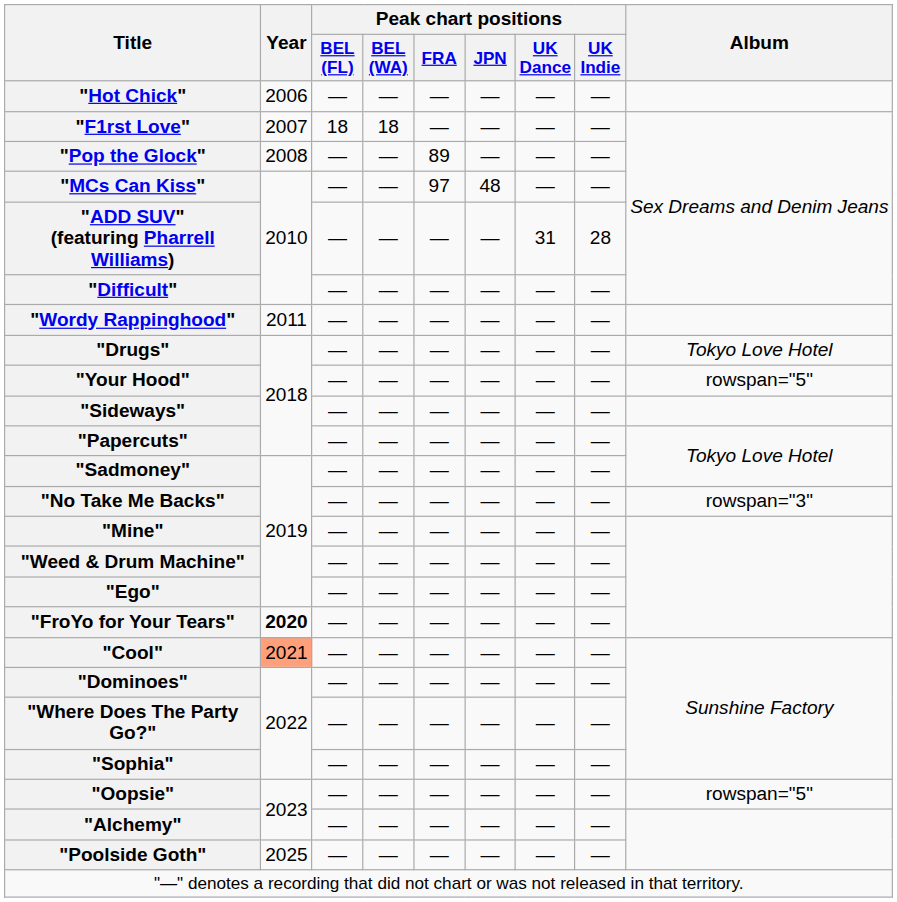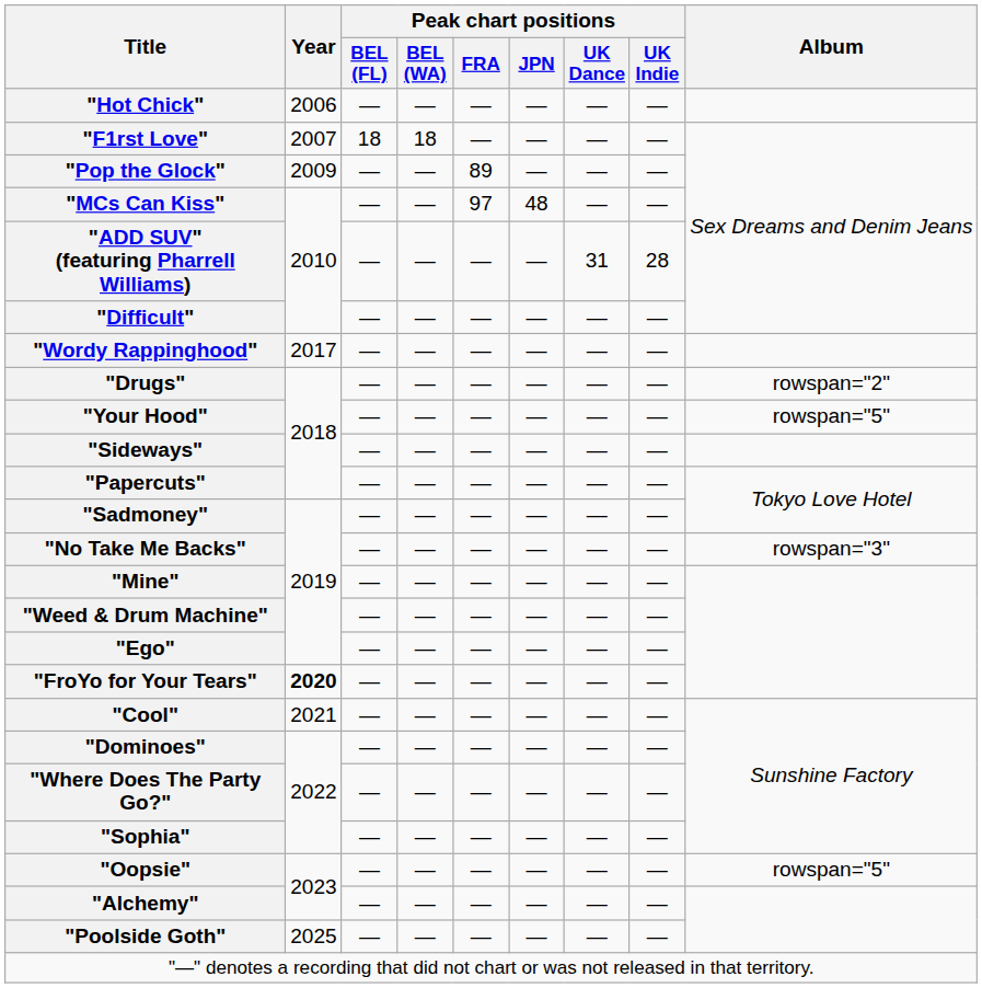 <table class="wikitable plainrowheaders" style="text-align:center;">
 <tr>
 <th scope="col" rowspan="2" style="width:13em;">Title</th>
 <th scope="col" rowspan="2">Year</th>
 <th scope="col" colspan="6">Peak chart positions</th>
 <th scope="col" rowspan="2">Album</th>
 </tr>
 <tr>
 <th scope="col" style="width:2.5em;font-size:90%;"><a href='#'>BEL<br>(FL)</a><br></th>
 <th scope="col" style="width:2.5em;font-size:90%;"><a href='#'>BEL<br>(WA)</a><br></th>
 <th scope="col" style="width:2.5em;font-size:90%;"><a href='#'>FRA</a><br></th>
 <th scope="col" style="width:2.5em;font-size:90%;"><a href='#'>JPN</a><br></th>
 <th scope="col" style="width:2.5em;font-size:90%;"><a href='#'>UK<br>Dance</a><br></th>
 <th scope="col" style="width:2.5em;font-size:90%;"><a href='#'>UK<br>Indie</a><br></th>
 </tr>
 <tr>
 <th scope="row">"<a href='#'>Hot Chick</a>"</th>
 <td>2006</td>
 <td>—</td>
 <td>—</td>
 <td>—</td>
 <td>—</td>
 <td>—</td>
 <td>—</td>
 <td></td>
 </tr>
 <tr>
 <th scope="row">"<a href='#'>F1rst Love</a>"</th>
 <td>2007</td>
 <td>18</td>
 <td>18</td>
 <td>—</td>
 <td>—</td>
 <td>—</td>
 <td>—</td>
 <td rowspan="5"><em>Sex Dreams and Denim Jeans</em></td>
 </tr>
 <tr>
 <th scope="row">"<a href='#'>Pop the Glock</a>"</th>
-<td>2008</td>
+<td>2009</td>
 <td>—</td>
 <td>—</td>
 <td>89</td>
 <td>—</td>
 <td>—</td>
 <td>—</td>
 </tr>
 <tr>
 <th scope="row">"<a href='#'>MCs Can Kiss</a>"</th>
 <td rowspan="3">2010</td>
 <td>—</td>
 <td>—</td>
 <td>97</td>
 <td>48</td>
 <td>—</td>
 <td>—</td>
 </tr>
 <tr>
 <th scope="row">"<a href='#'>ADD SUV</a>"<br><span>(featuring <a href='#'>Pharrell Williams</a>)</span></th>
 <td>—</td>
 <td>—</td>
 <td>—</td>
 <td>—</td>
 <td>31</td>
 <td>28</td>
 </tr>
 <tr>
 <th scope="row">"<a href='#'>Difficult</a>"</th>
 <td>—</td>
 <td>—</td>
 <td>—</td>
 <td>—</td>
 <td>—</td>
 <td>—</td>
 </tr>
 <tr>
 <th scope="row">"<a href='#'>Wordy Rappinghood</a>"</th>
-<td>2011</td>
+<td>2017</td>
 <td>—</td>
 <td>—</td>
 <td>—</td>
 <td>—</td>
 <td>—</td>
 <td>—</td>
 <td></td>
 </tr>
 <tr>
 <th scope="row">"Drugs"</th>
 <td rowspan="4">2018</td>
 <td>—</td>
 <td>—</td>
 <td>—</td>
 <td>—</td>
 <td>—</td>
 <td>—</td>
-<td><em>Tokyo Love Hotel</em></td>
+<td>rowspan="2" </td>
 </tr>
 <tr>
 <th scope="row">"Your Hood"</th>
 <td>—</td>
 <td>—</td>
 <td>—</td>
 <td>—</td>
 <td>—</td>
 <td>—</td>
 <td>rowspan="5" </td>
 </tr>
 <tr>
 <th scope="row">"Sideways"</th>
 <td>—</td>
 <td>—</td>
 <td>—</td>
 <td>—</td>
 <td>—</td>
 <td>—</td>
 </tr>
 <tr>
 <th scope="row">"Papercuts"</th>
 <td>—</td>
 <td>—</td>
 <td>—</td>
 <td>—</td>
 <td>—</td>
 <td>—</td>
 <td rowspan="2"><em>Tokyo Love Hotel</em></td>
 </tr>
 <tr>
 <th scope="row">"Sadmoney"</th>
 <td rowspan="5">2019</td>
 <td>—</td>
 <td>—</td>
 <td>—</td>
 <td>—</td>
 <td>—</td>
 <td>—</td>
 </tr>
 <tr>
 <th scope="row">"No Take Me Backs"</th>
 <td>—</td>
 <td>—</td>
 <td>—</td>
 <td>—</td>
 <td>—</td>
 <td>—</td>
 <td>rowspan="3" </td>
 </tr>
 <tr>
 <th scope="row">"Mine"</th>
 <td>—</td>
 <td>—</td>
 <td>—</td>
 <td>—</td>
 <td>—</td>
 <td>—</td>
 </tr>
 <tr>
 <th scope="row">"Weed & Drum Machine"</th>
 <td>—</td>
 <td>—</td>
 <td>—</td>
 <td>—</td>
 <td>—</td>
 <td>—</td>
 </tr>
 <tr>
 <th scope="row">"Ego"</th>
 <td>—</td>
 <td>—</td>
 <td>—</td>
 <td>—</td>
 <td>—</td>
 <td>—</td>
 </tr>
 <tr>
 <th scope="row">"FroYo for Your Tears"</th>
 <td><strong>2020</strong></td>
 <td>—</td>
 <td>—</td>
 <td>—</td>
 <td>—</td>
 <td>—</td>
 <td>—</td>
 </tr>
 <tr>
 <th scope="row">"Cool"</th>
-<td style="background: lightsalmon;">2021</td>
+<td>2021</td>
 <td>—</td>
 <td>—</td>
 <td>—</td>
 <td>—</td>
 <td>—</td>
 <td>—</td>
 <td rowspan="4"><em>Sunshine Factory</em></td>
 </tr>
 <tr>
 <th scope="row">"Dominoes"</th>
 <td rowspan="3">2022</td>
 <td>—</td>
 <td>—</td>
 <td>—</td>
 <td>—</td>
 <td>—</td>
 <td>—</td>
 </tr>
 <tr>
 <th scope="row">"Where Does The Party Go?"</th>
 <td>—</td>
 <td>—</td>
 <td>—</td>
 <td>—</td>
 <td>—</td>
 <td>—</td>
 </tr>
 <tr>
 <th scope="row">"Sophia"</th>
 <td>—</td>
 <td>—</td>
 <td>—</td>
 <td>—</td>
 <td>—</td>
 <td>—</td>
 </tr>
 <tr>
 <th scope="row">"Oopsie"</th>
 <td rowspan="2">2023</td>
 <td>—</td>
 <td>—</td>
 <td>—</td>
 <td>—</td>
 <td>—</td>
 <td>—</td>
 <td>rowspan="5" </td>
 </tr>
 <tr>
 <th scope="row">"Alchemy"</th>
 <td>—</td>
 <td>—</td>
 <td>—</td>
 <td>—</td>
 <td>—</td>
 <td>—</td>
 </tr>
 <tr>
 <th scope="row">"Poolside Goth"</th>
 <td>2025</td>
 <td>—</td>
 <td>—</td>
 <td>—</td>
 <td>—</td>
 <td>—</td>
 <td>—</td>
 </tr>
 <tr>
 <td colspan="20" style="font-size:90%">"—" denotes a recording that did not chart or was not released in that territory.</td>
 </tr>
 </table>
